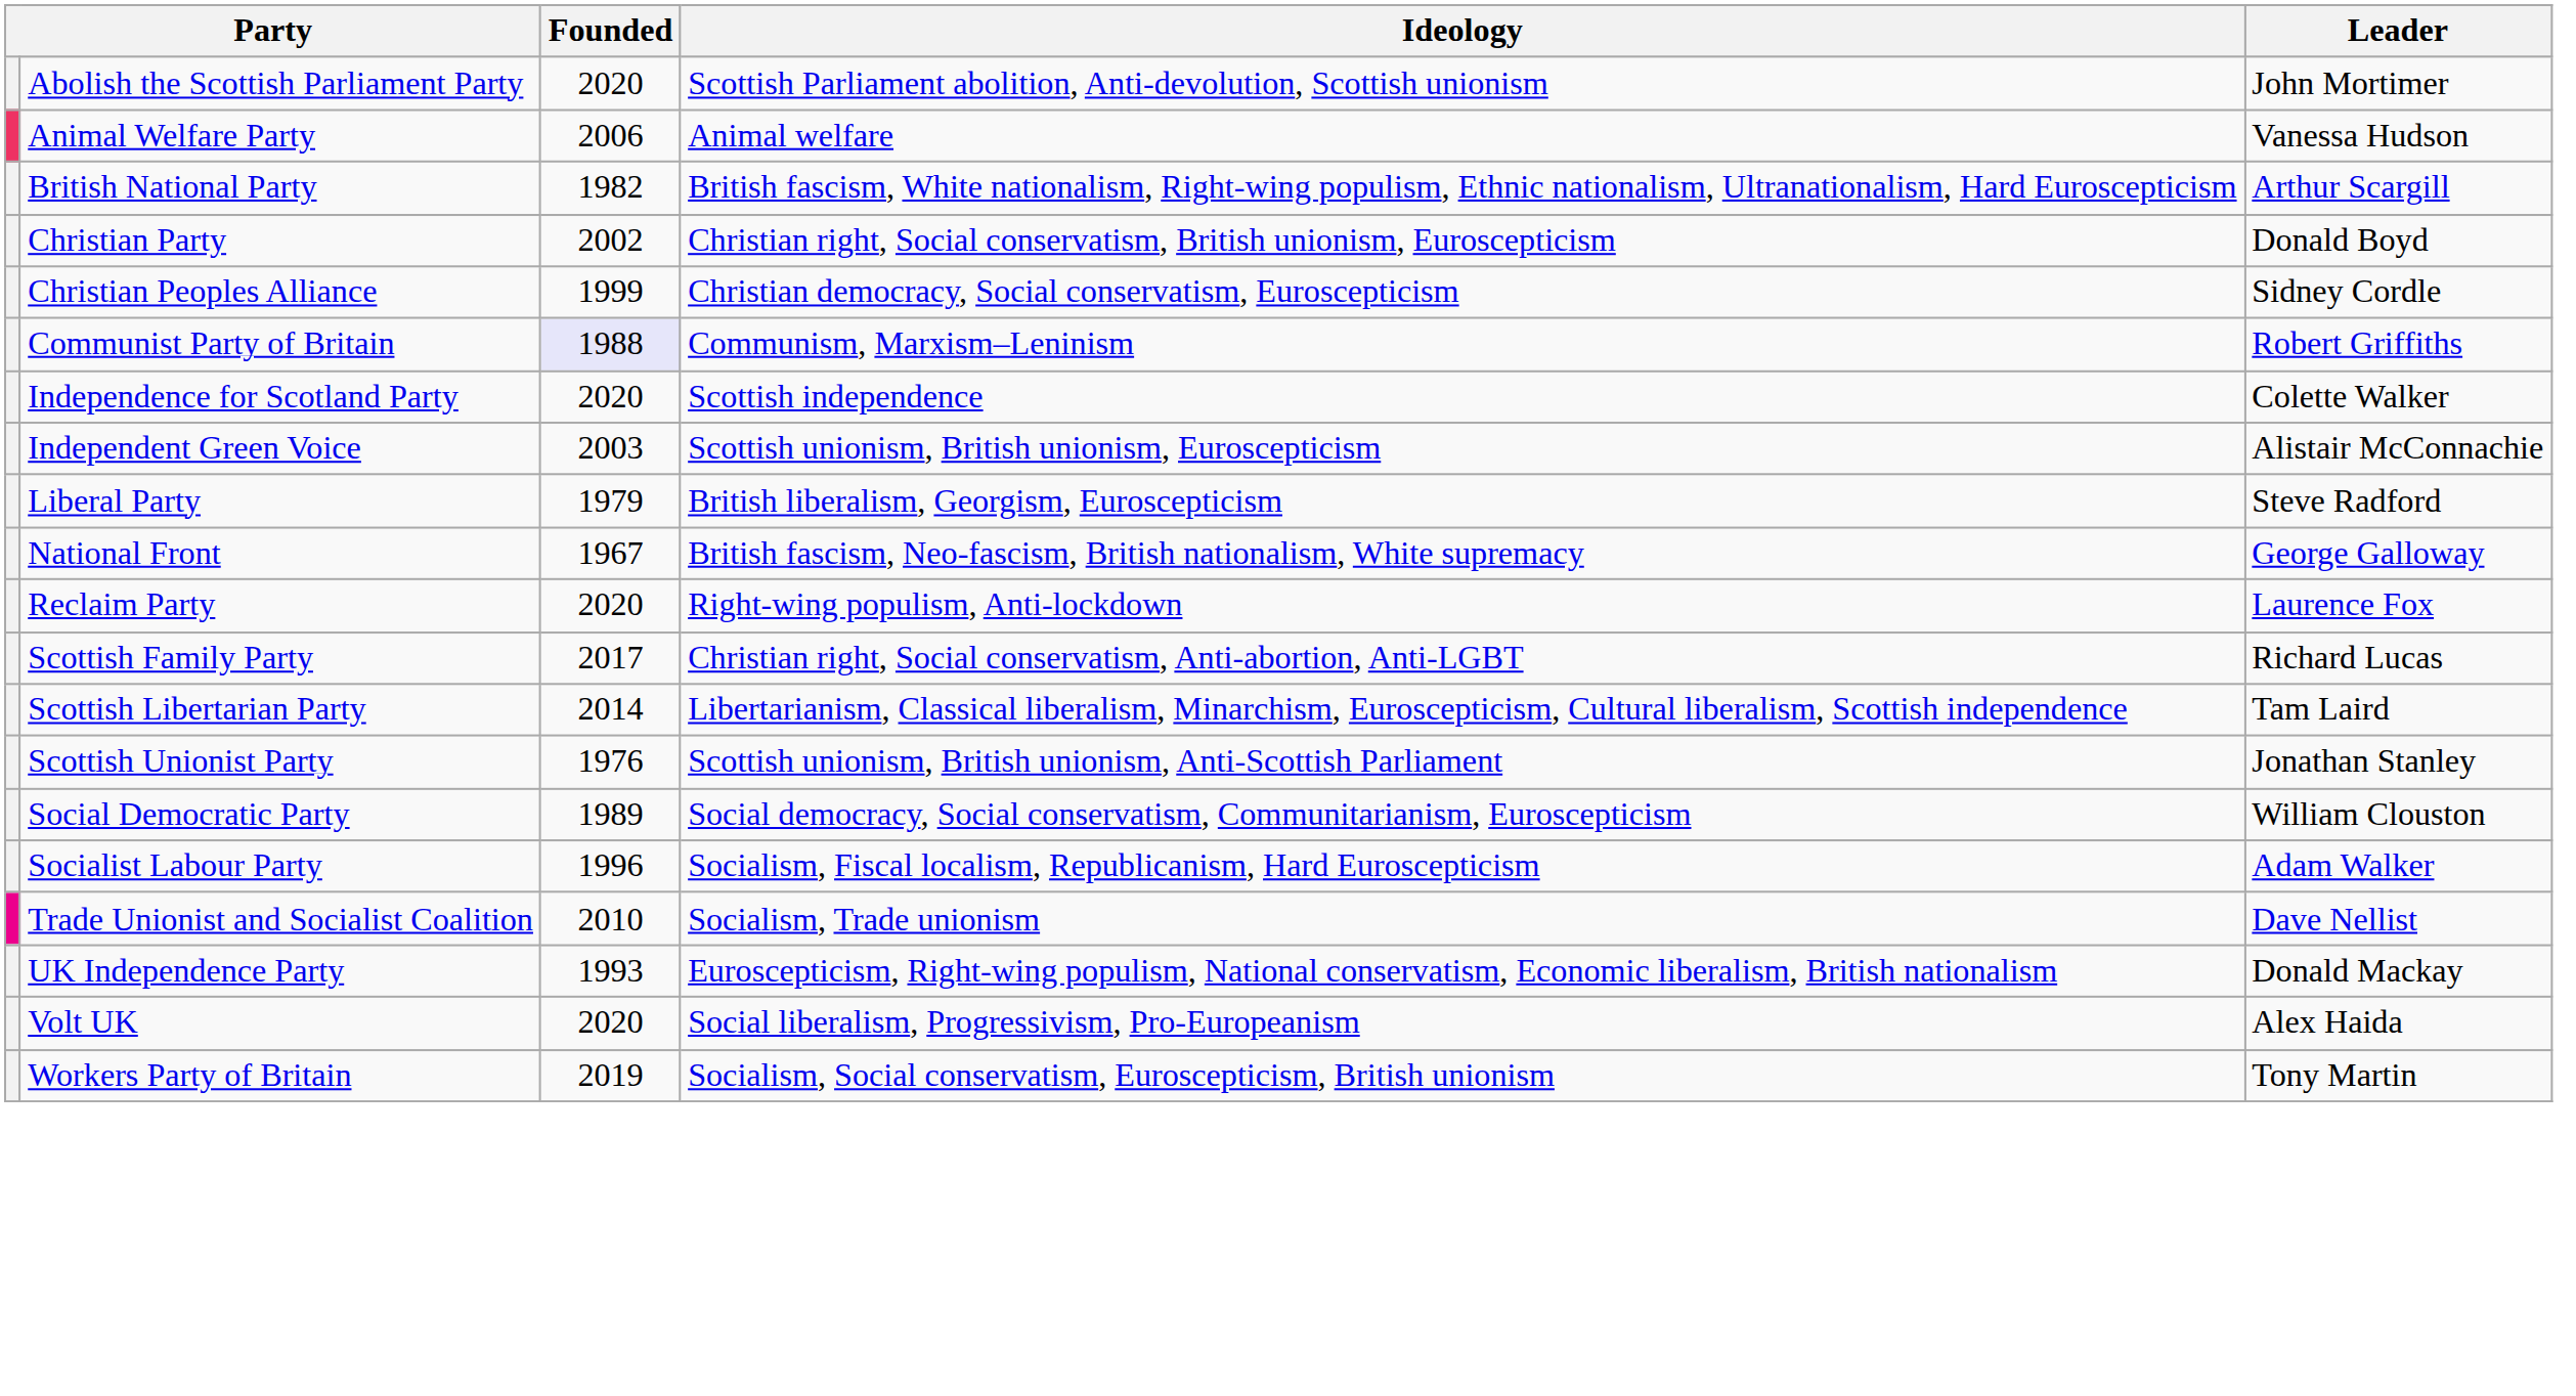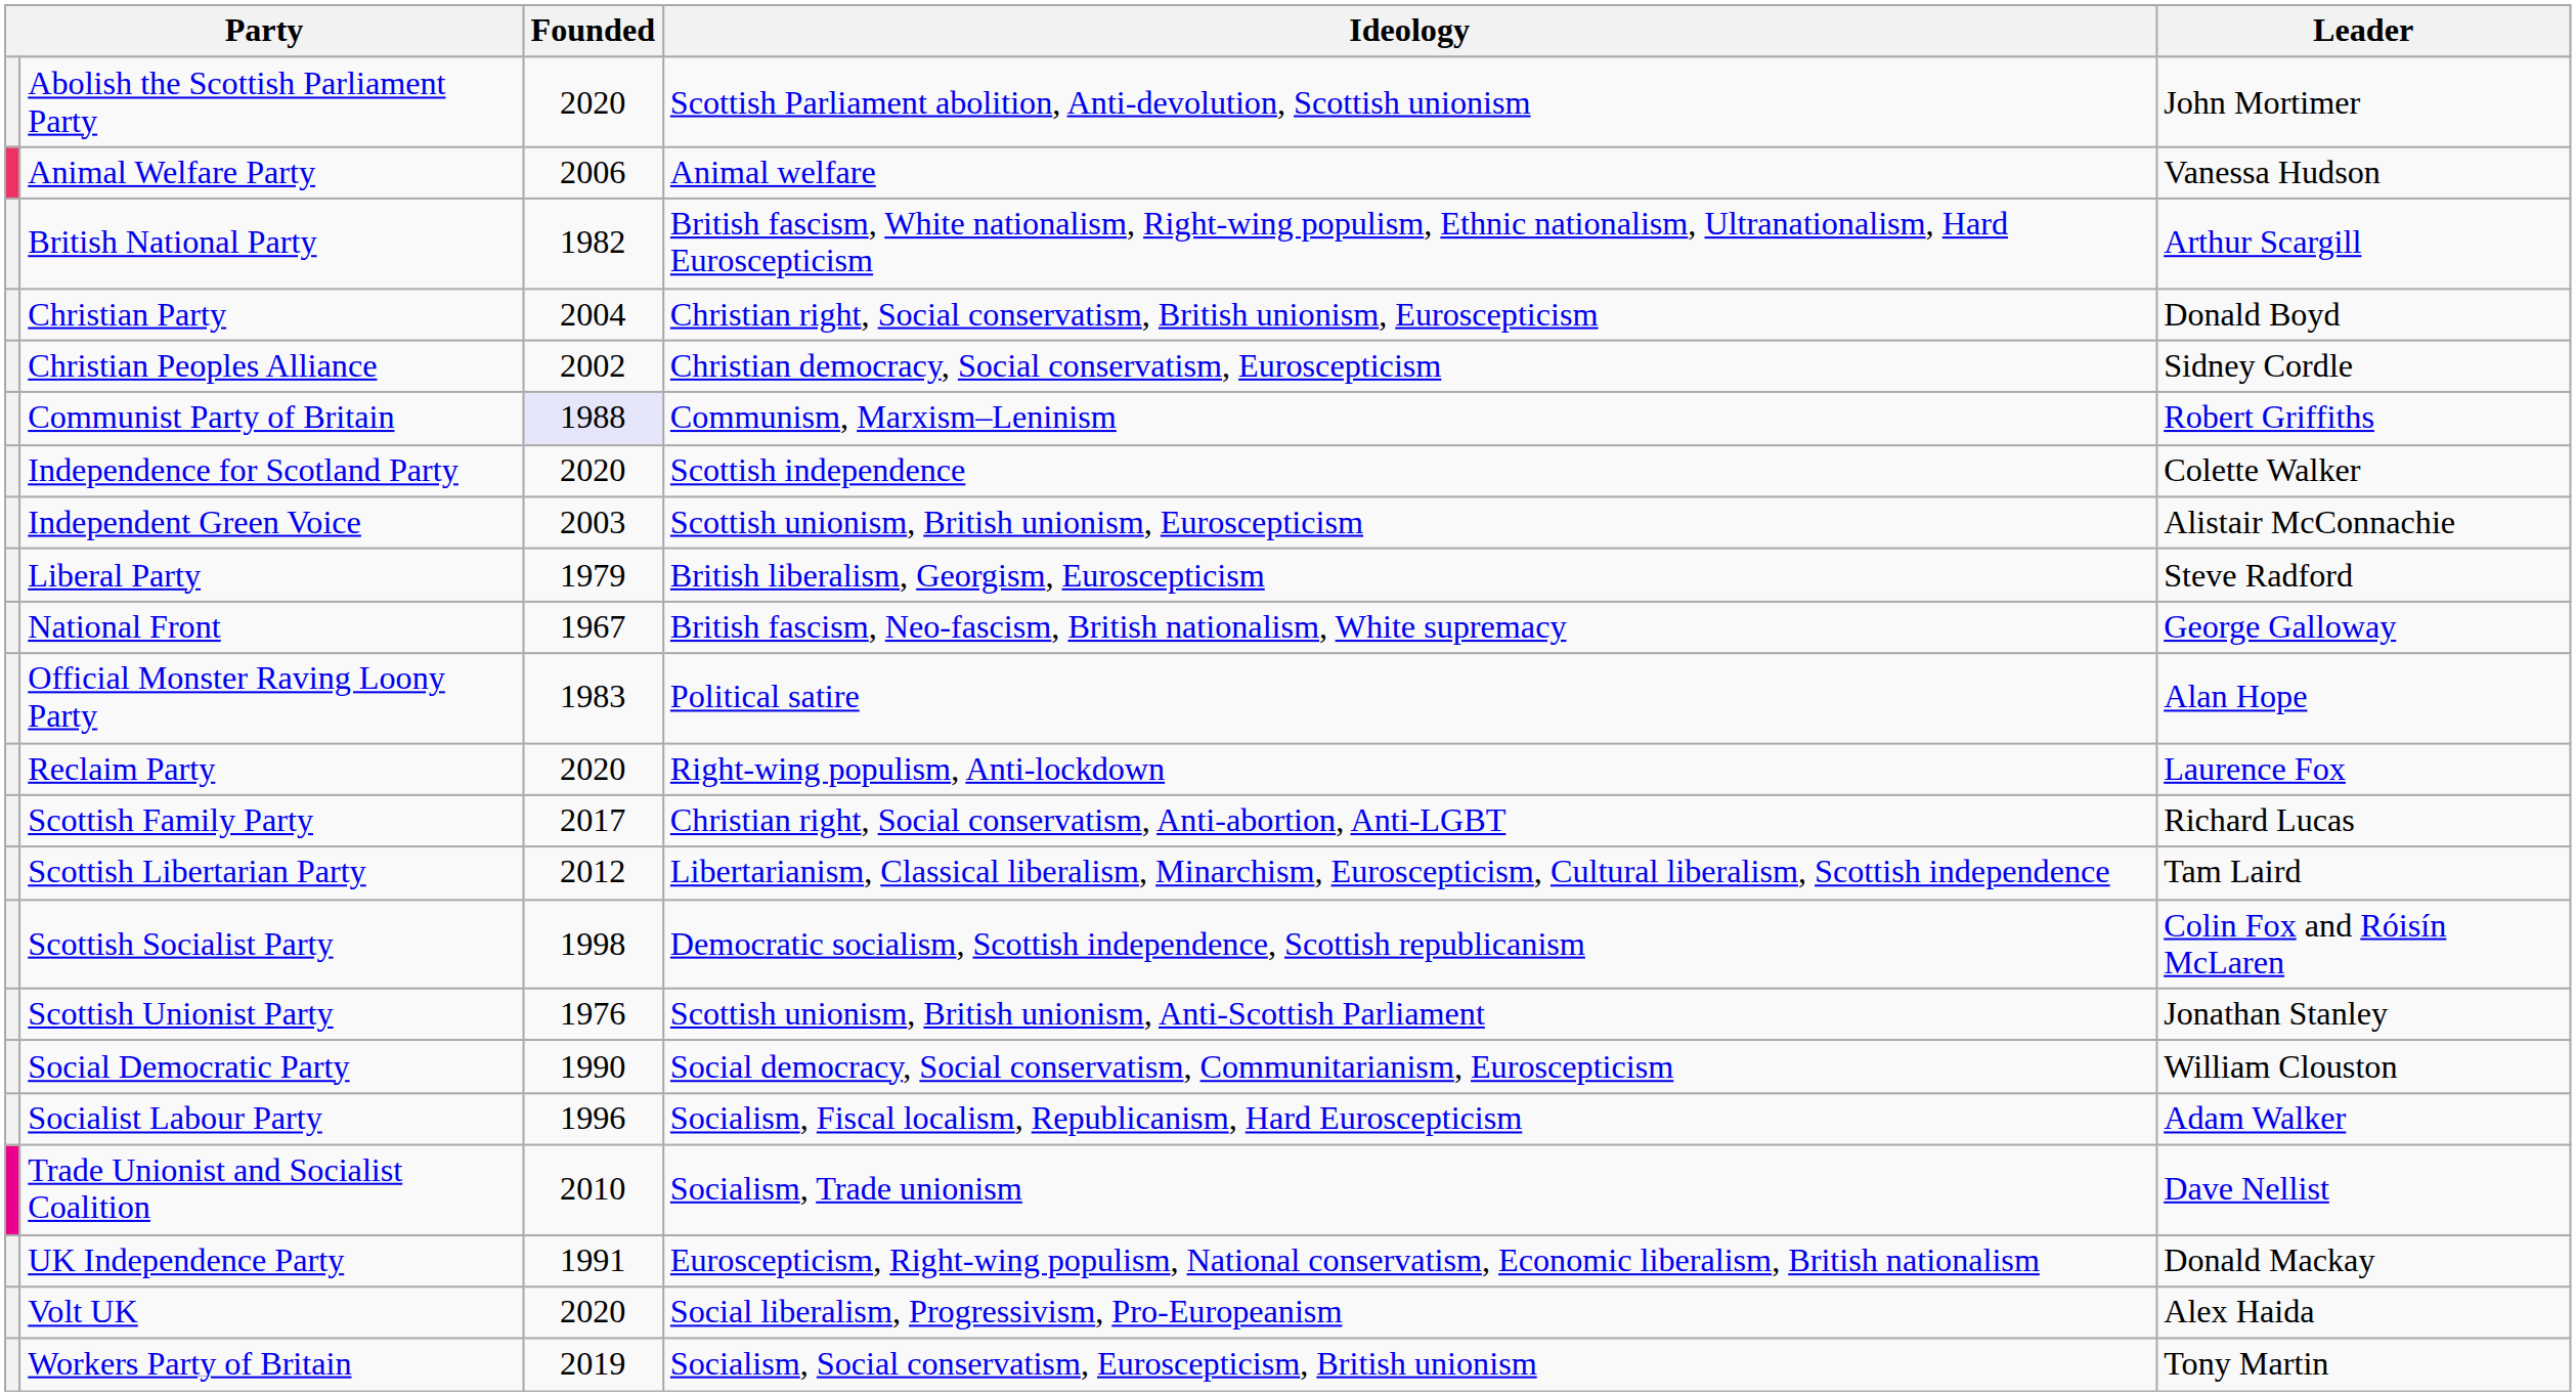 <table class ="wikitable sortable">
 <tr style="background:#ccc;">
 <th colspan="2" scope="col" class="unsortable"  style="width:20px; text-align:center;">Party</th>
 <th>Founded</th>
 <th scope="col" class="unsortable">Ideology</th>
 <th scope="col" class="unsortable">Leader</th>
 </tr>
 <tr>
 <th style="background-color: "></th>
 <td><a href='#'>Abolish the Scottish Parliament Party</a></td>
 <td align=center>2020</td>
 <td><a href='#'>Scottish Parliament abolition</a>, <a href='#'>Anti-devolution</a>, <a href='#'>Scottish unionism</a></td>
 <td>John Mortimer</td>
 </tr>
 <tr>
 <th style="background-color: #EE3263"></th>
 <td><a href='#'>Animal Welfare Party</a></td>
 <td align=center>2006</td>
 <td><a href='#'>Animal welfare</a></td>
 <td>Vanessa Hudson</td>
 </tr>
 <tr>
 <th style="background-color: "></th>
 <td><a href='#'>British National Party</a></td>
 <td align=center>1982</td>
 <td><a href='#'>British fascism</a>, <a href='#'>White nationalism</a>, <a href='#'>Right-wing populism</a>, <a href='#'>Ethnic nationalism</a>, <a href='#'>Ultranationalism</a>, <a href='#'>Hard Euroscepticism</a></td>
 <td><a href='#'>Arthur Scargill</a></td>
 </tr>
 <tr>
 <th style="background-color: "></th>
 <td><a href='#'>Christian Party</a></td>
-<td align=center>2002</td>
+<td align=center>2004</td>
 <td><a href='#'>Christian right</a>, <a href='#'>Social conservatism</a>, <a href='#'>British unionism</a>, <a href='#'>Euroscepticism</a></td>
 <td>Donald Boyd</td>
 </tr>
 <tr>
 <th style="background-color: "></th>
 <td><a href='#'>Christian Peoples Alliance</a></td>
-<td align=center>1999</td>
+<td align=center>2002</td>
 <td><a href='#'>Christian democracy</a>, <a href='#'>Social conservatism</a>, <a href='#'>Euroscepticism</a></td>
 <td>Sidney Cordle</td>
 </tr>
 <tr>
 <th style="background-color: "></th>
 <td><a href='#'>Communist Party of Britain</a></td>
 <td align=center style="background: lavender;">1988</td>
 <td><a href='#'>Communism</a>, <a href='#'>Marxism–Leninism</a></td>
 <td><a href='#'>Robert Griffiths</a></td>
 </tr>
 <tr>
 <th style="background-color: "></th>
 <td><a href='#'>Independence for Scotland Party</a></td>
 <td align=center>2020</td>
 <td><a href='#'>Scottish independence</a></td>
 <td>Colette Walker</td>
 </tr>
 <tr>
 <th style="background-color: "></th>
 <td><a href='#'>Independent Green Voice</a></td>
 <td align=center>2003</td>
 <td><a href='#'>Scottish unionism</a>, <a href='#'>British unionism</a>, <a href='#'>Euroscepticism</a></td>
 <td>Alistair McConnachie</td>
 </tr>
 <tr>
 <th style="background-color: "></th>
 <td><a href='#'>Liberal Party</a></td>
 <td align=center>1979</td>
 <td><a href='#'>British liberalism</a>, <a href='#'>Georgism</a>, <a href='#'>Euroscepticism</a></td>
 <td>Steve Radford</td>
 </tr>
 <tr>
 <th style="background-color: "></th>
 <td><a href='#'>National Front</a></td>
 <td align=center>1967</td>
 <td><a href='#'>British fascism</a>, <a href='#'>Neo-fascism</a>, <a href='#'>British nationalism</a>, <a href='#'>White supremacy</a></td>
 <td><a href='#'>George Galloway</a></td>
 </tr>
 <tr>
 <th style="background-color: "></th>
+<td><a href='#'>Official Monster Raving Loony Party</a></td>
+<td align=center>1983</td>
+<td><a href='#'>Political satire</a></td>
+<td><a href='#'>Alan Hope</a></td>
+</tr>
+<tr>
+<th style="background-color: "></th>
 <td><a href='#'>Reclaim Party</a></td>
 <td align=center>2020</td>
 <td><a href='#'>Right-wing populism</a>, <a href='#'>Anti-lockdown</a></td>
 <td><a href='#'>Laurence Fox</a></td>
 </tr>
 <tr>
 <th style="background-color: "></th>
 <td><a href='#'>Scottish Family Party</a></td>
 <td align=center>2017</td>
 <td><a href='#'>Christian right</a>, <a href='#'>Social conservatism</a>, <a href='#'>Anti-abortion</a>, <a href='#'>Anti-LGBT</a></td>
 <td>Richard Lucas</td>
 </tr>
 <tr>
 <th style="background-color: "></th>
 <td><a href='#'>Scottish Libertarian Party</a></td>
-<td align=center>2014</td>
+<td align=center>2012</td>
 <td><a href='#'>Libertarianism</a>, <a href='#'>Classical liberalism</a>, <a href='#'>Minarchism</a>, <a href='#'>Euroscepticism</a>, <a href='#'>Cultural liberalism</a>, <a href='#'>Scottish independence</a></td>
 <td>Tam Laird</td>
+</tr>
+<tr>
+<th style="background-color: "></th>
+<td><a href='#'>Scottish Socialist Party</a></td>
+<td align=center>1998</td>
+<td><a href='#'>Democratic socialism</a>, <a href='#'>Scottish independence</a>, <a href='#'>Scottish republicanism</a></td>
+<td><a href='#'>Colin Fox</a> and <a href='#'>Róisín McLaren</a></td>
 </tr>
 <tr>
 <th style="background-color: "></th>
 <td><a href='#'>Scottish Unionist Party</a></td>
 <td align=center>1976</td>
 <td><a href='#'>Scottish unionism</a>, <a href='#'>British unionism</a>, <a href='#'>Anti-Scottish Parliament</a></td>
 <td>Jonathan Stanley</td>
 </tr>
 <tr>
 <th style="background-color: "></th>
 <td><a href='#'>Social Democratic Party</a></td>
-<td align=center>1989</td>
+<td align=center>1990</td>
 <td><a href='#'>Social democracy</a>, <a href='#'>Social conservatism</a>, <a href='#'>Communitarianism</a>, <a href='#'>Euroscepticism</a></td>
 <td>William Clouston</td>
 </tr>
 <tr>
 <th style="background-color: "></th>
 <td><a href='#'>Socialist Labour Party</a></td>
 <td align=center>1996</td>
 <td><a href='#'>Socialism</a>, <a href='#'>Fiscal localism</a>, <a href='#'>Republicanism</a>, <a href='#'>Hard Euroscepticism</a></td>
 <td><a href='#'>Adam Walker</a></td>
 </tr>
 <tr>
 <th style="background-color: #EC008C"></th>
 <td><a href='#'>Trade Unionist and Socialist Coalition</a></td>
 <td align=center>2010</td>
 <td><a href='#'>Socialism</a>, <a href='#'>Trade unionism</a></td>
 <td><a href='#'>Dave Nellist</a></td>
 </tr>
 <tr>
 <th style="background-color: "></th>
 <td><a href='#'>UK Independence Party</a></td>
-<td align=center>1993</td>
+<td align=center>1991</td>
 <td><a href='#'>Euroscepticism</a>, <a href='#'>Right-wing populism</a>, <a href='#'>National conservatism</a>, <a href='#'>Economic liberalism</a>, <a href='#'>British nationalism</a></td>
 <td>Donald Mackay</td>
 </tr>
 <tr>
 <th style="background-color: "></th>
 <td><a href='#'>Volt UK</a></td>
 <td align=center>2020</td>
 <td><a href='#'>Social liberalism</a>, <a href='#'>Progressivism</a>, <a href='#'>Pro-Europeanism</a></td>
 <td>Alex Haida</td>
 </tr>
 <tr>
 <th style="background-color: "></th>
 <td><a href='#'>Workers Party of Britain</a></td>
 <td align=center>2019</td>
 <td><a href='#'>Socialism</a>, <a href='#'>Social conservatism</a>, <a href='#'>Euroscepticism</a>, <a href='#'>British unionism</a></td>
 <td>Tony Martin</td>
 </tr>
 <tr>
 </tr>
 </table>
